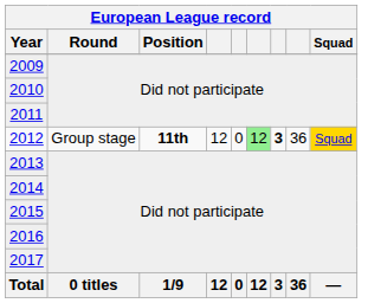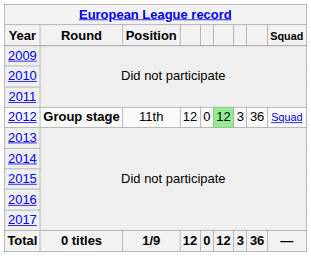 <table class="wikitable" style="text-align: center;">
 <tr>
 <th colspan=10><a href='#'>European League record</a></th>
 </tr>
 <tr>
 <th>Year</th>
 <th>Round</th>
 <th>Position</th>
 <th></th>
 <th></th>
 <th></th>
 <th></th>
 <th></th>
 <th><small>Squad</small></th>
 </tr>
 <tr>
 </tr>
 <tr bgcolor="efefef">
 <td><a href='#'>2009</a></td>
 <td colspan=8 rowspan=3 align=center>Did not participate</td>
 </tr>
 <tr bgcolor="efefef">
 <td><a href='#'>2010</a></td>
 </tr>
 <tr bgcolor="efefef">
 <td><a href='#'>2011</a></td>
 </tr>
 <tr>
 <td><a href='#'>2012</a></td>
-<td>Group stage</td>
-<td><strong>11th</strong></td>
+<td><strong>Group stage</strong></td>
+<td>11th</td>
 <td>12</td>
 <td>0</td>
 <td style="background: lightgreen;">12</td>
-<td><strong>3</strong></td>
+<td>3</td>
 <td>36</td>
-<td style="background: gold;"><small><a href='#'>Squad</a></small></td>
+<td><small><a href='#'>Squad</a></small></td>
 </tr>
 <tr bgcolor="efefef">
 <td><a href='#'>2013</a></td>
 <td colspan=8 rowspan=5 align=center>Did not participate</td>
 </tr>
 <tr bgcolor="efefef">
 <td><a href='#'>2014</a></td>
 </tr>
 <tr bgcolor="efefef">
 <td><a href='#'>2015</a></td>
 </tr>
 <tr bgcolor="efefef">
 <td><a href='#'>2016</a></td>
 </tr>
 <tr bgcolor="efefef">
 <td><a href='#'>2017</a></td>
 </tr>
 <tr>
 <th>Total</th>
 <th>0 titles</th>
 <th>1/9</th>
 <th>12</th>
 <th>0</th>
 <th>12</th>
 <th>3</th>
 <th>36</th>
 <th>—</th>
 </tr>
 </table>
